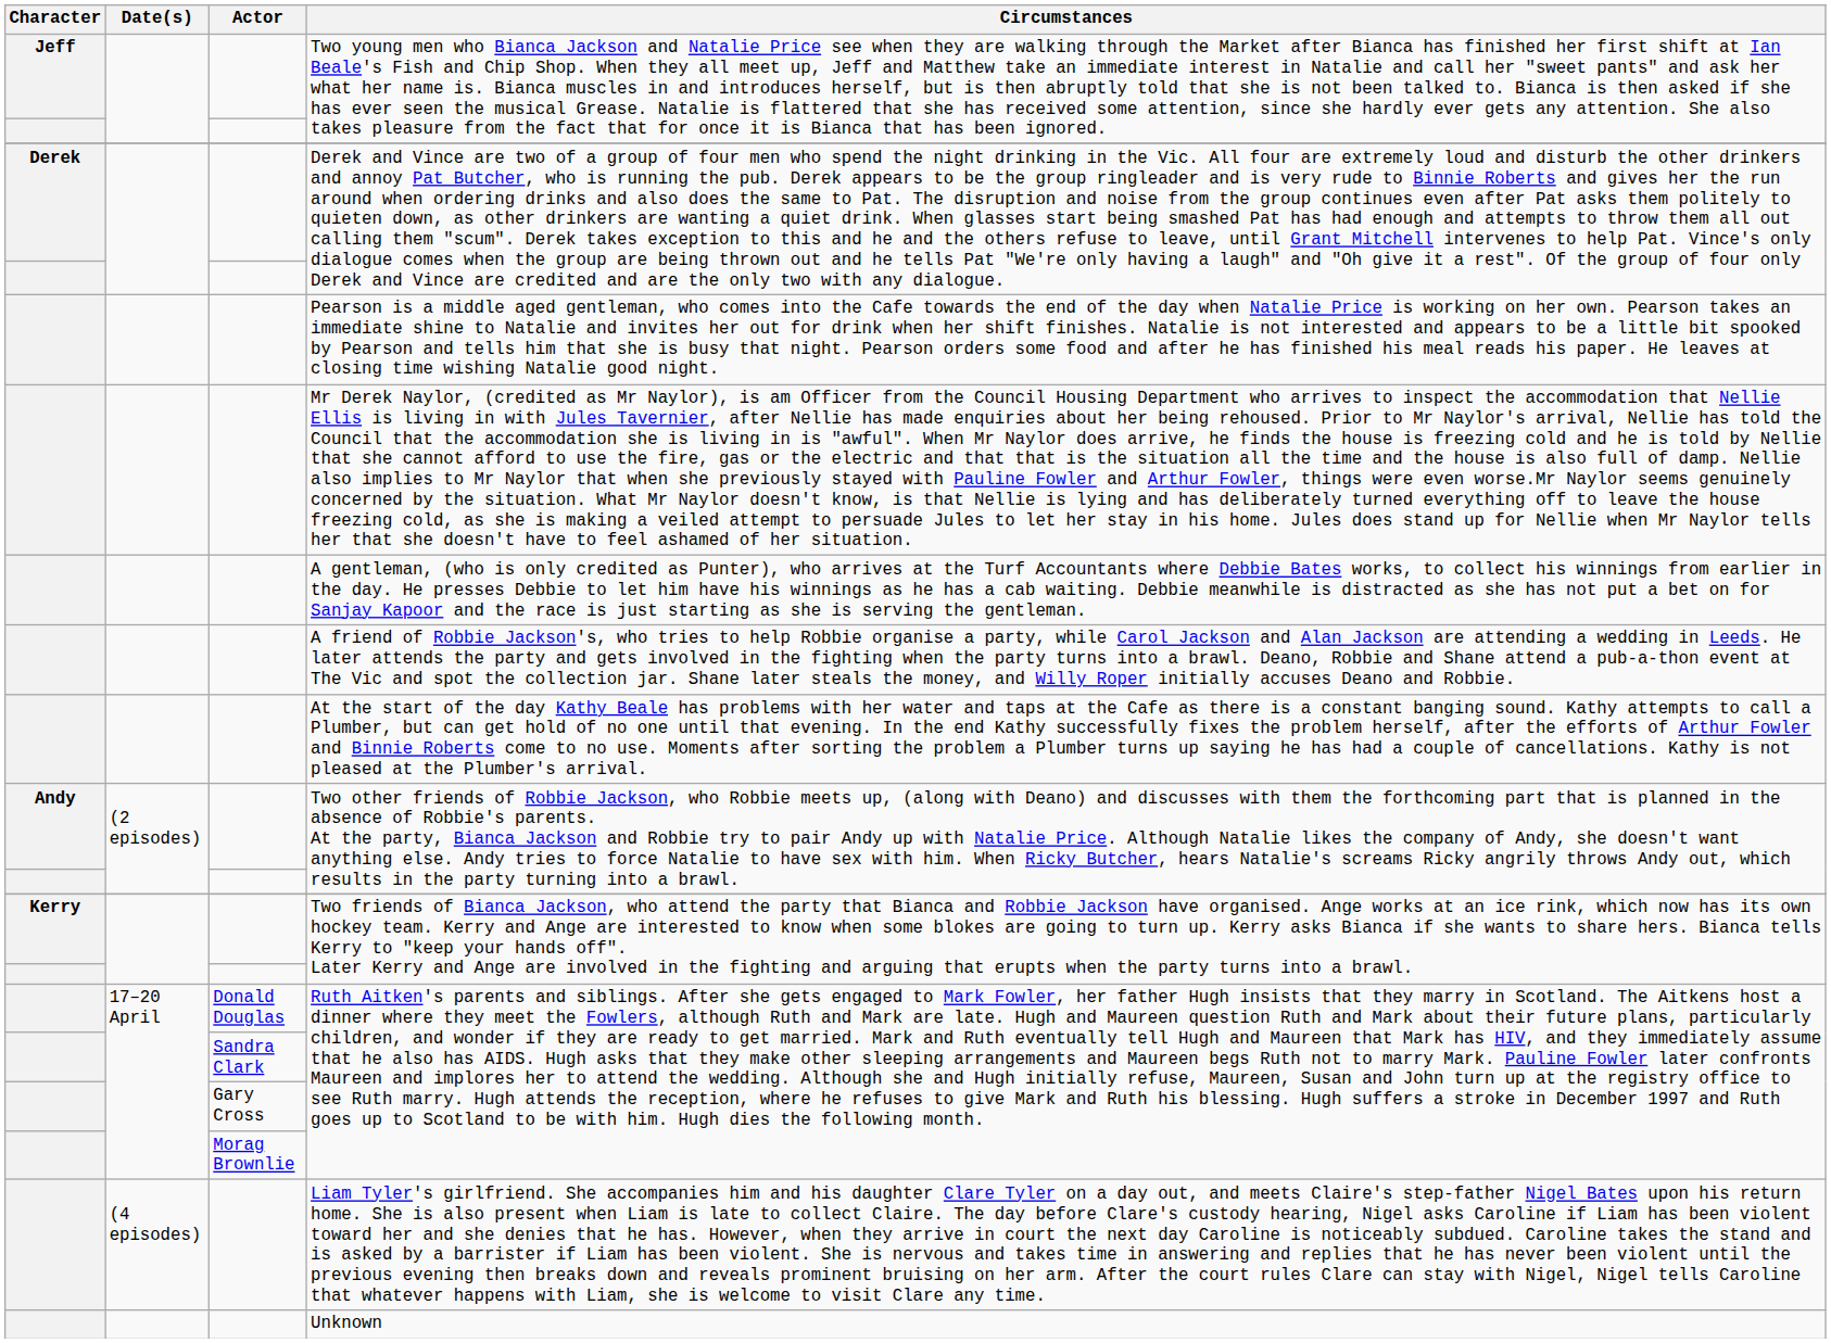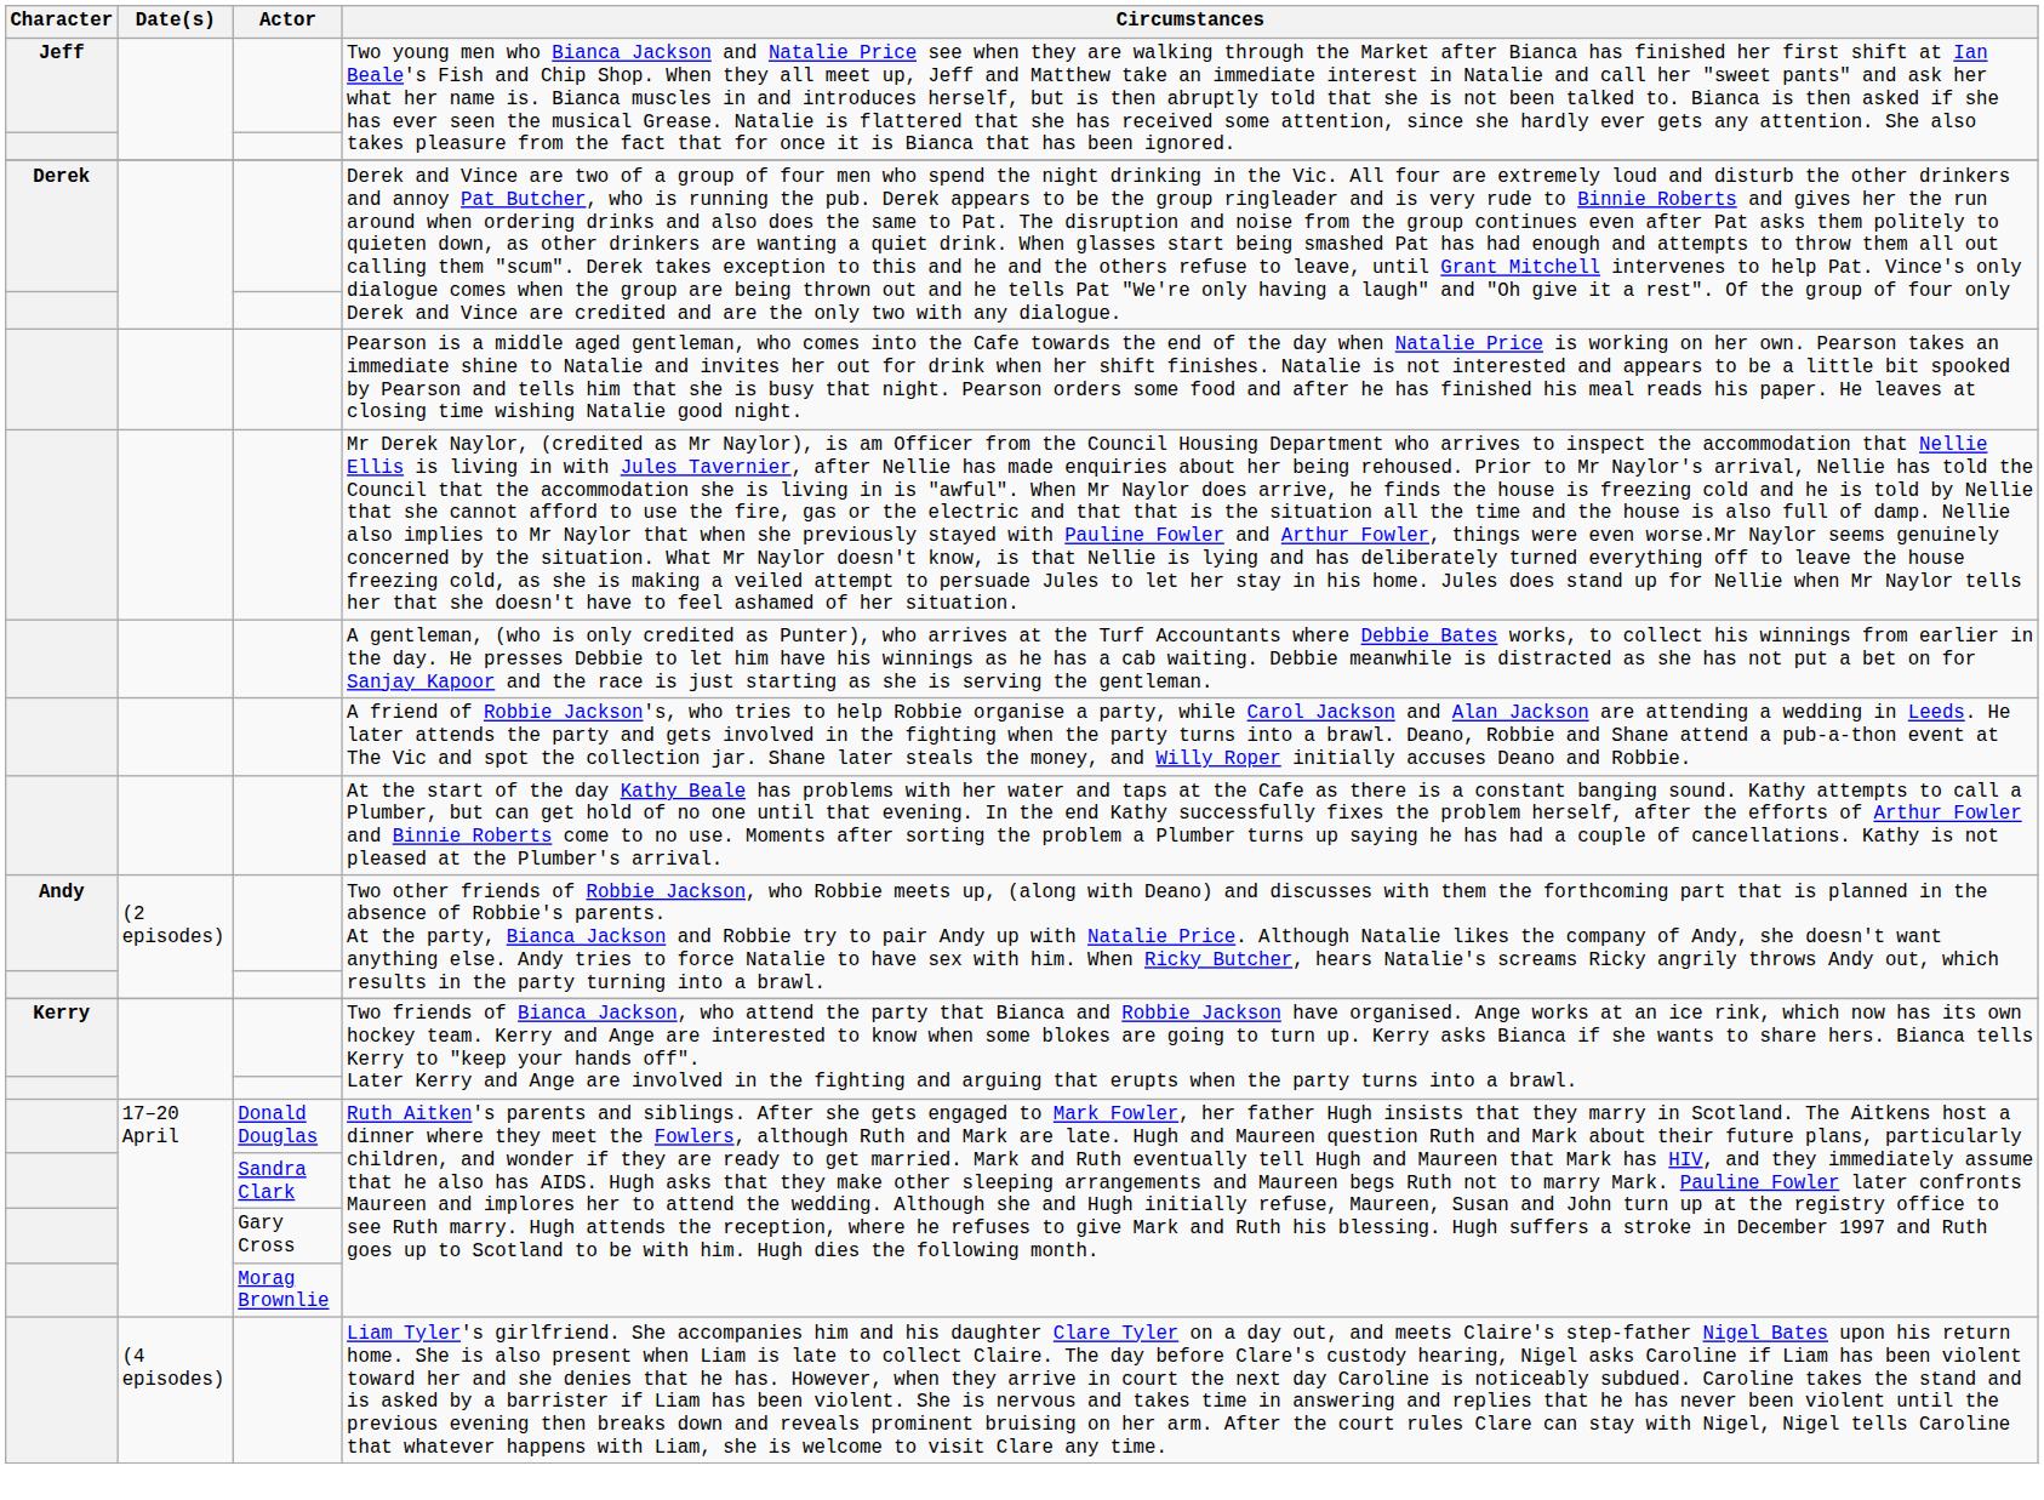 <table class="wikitable plainrowheaders" style="font-size:90%">
 <tr>
 <th scope="col">Character</th>
 <th scope="col">Date(s)</th>
 <th scope="col">Actor</th>
 <th scope="col">Circumstances</th>
 </tr>
 <tr valign="top">
 <th scope="row">Jeff</th>
 <td rowspan="2"></td>
 <td></td>
 <td rowspan="2">Two young men who <a href='#'>Bianca Jackson</a> and <a href='#'>Natalie Price</a> see when they are walking through the Market after Bianca has finished her first shift at <a href='#'>Ian Beale</a>'s Fish and Chip Shop. When they all meet up, Jeff and Matthew take an immediate interest in Natalie and call her "sweet pants" and ask her what her name is. Bianca muscles in and introduces herself, but is then abruptly told that she is not been talked to. Bianca is then asked if she has ever seen the musical Grease. Natalie is flattered that she has received some attention, since she hardly ever gets any attention. She also takes pleasure from the fact that for once it is Bianca that has been ignored.</td>
 </tr>
 <tr valign="top">
 <th scope="row"></th>
 <td></td>
 </tr>
 <tr valign="top">
 </tr>
 <tr valign="top">
 <th scope="row">Derek</th>
 <td rowspan="2"></td>
 <td></td>
 <td rowspan="2">Derek and Vince are two of a group of four men who spend the night drinking in the Vic. All four are extremely loud and disturb the other drinkers and annoy <a href='#'>Pat Butcher</a>, who is running the pub. Derek appears to be the group ringleader and is very rude to <a href='#'>Binnie Roberts</a> and gives her the run around when ordering drinks and also does the same to Pat. The disruption and noise from the group continues even after Pat asks them politely to quieten down, as other drinkers are wanting a quiet drink. When glasses start being smashed Pat has had enough and attempts to throw them all out calling them "scum". Derek takes exception to this and he and the others refuse to leave, until <a href='#'>Grant Mitchell</a> intervenes to help Pat. Vince's only dialogue comes when the group are being thrown out and he tells Pat "We're only having a laugh" and "Oh give it a rest". Of the group of four only Derek and Vince are credited and are the only two with any dialogue.</td>
 </tr>
 <tr valign="top">
 <th scope="row"></th>
 <td></td>
 </tr>
 <tr valign="top">
 <th scope="row"></th>
 <td></td>
 <td></td>
 <td>Pearson is a middle aged gentleman, who comes into the Cafe towards the end of the day when <a href='#'>Natalie Price</a> is working on her own. Pearson takes an immediate shine to Natalie and invites her out for drink when her shift finishes. Natalie is not interested and appears to be a little bit spooked by Pearson and tells him that she is busy that night. Pearson orders some food and after he has finished his meal reads his paper. He leaves at closing time wishing Natalie good night.</td>
 </tr>
 <tr valign="top">
 <th scope="row"></th>
 <td></td>
 <td></td>
 <td>Mr Derek Naylor, (credited as Mr Naylor), is am Officer from the Council Housing Department who arrives to inspect the accommodation that <a href='#'>Nellie Ellis</a> is living in with <a href='#'>Jules Tavernier</a>, after Nellie has made enquiries about her being rehoused. Prior to Mr Naylor's arrival, Nellie has told the Council that the accommodation she is living in is "awful". When Mr Naylor does arrive, he finds the house is freezing cold and he is told by Nellie that she cannot afford to use the fire, gas or the electric and that that is the situation all the time and the house is also full of damp. Nellie also implies to Mr Naylor that when she previously stayed with <a href='#'>Pauline Fowler</a> and <a href='#'>Arthur Fowler</a>, things were even worse.Mr Naylor seems genuinely concerned by the situation. What Mr Naylor doesn't know, is that Nellie is lying and has deliberately turned everything off to leave the house freezing cold, as she is making a veiled attempt to persuade Jules to let her stay in his home. Jules does stand up for Nellie when Mr Naylor tells her that she doesn't have to feel ashamed of her situation.</td>
 </tr>
 <tr valign="top">
 <th scope="row"></th>
 <td></td>
 <td></td>
 <td>A gentleman, (who is only credited as Punter), who arrives at the Turf Accountants where <a href='#'>Debbie Bates</a> works, to collect his winnings from earlier in the day. He presses Debbie to let him have his winnings as he has a cab waiting. Debbie meanwhile is distracted as she has not put a bet on for <a href='#'>Sanjay Kapoor</a> and the race is just starting as she is serving the gentleman.</td>
 </tr>
 <tr valign="top">
 <th scope="row"></th>
 <td></td>
 <td></td>
 <td>A friend of <a href='#'>Robbie Jackson</a>'s, who tries to help Robbie organise a party, while <a href='#'>Carol Jackson</a> and <a href='#'>Alan Jackson</a> are attending a wedding in <a href='#'>Leeds</a>. He later attends the party and gets involved in the fighting when the party turns into a brawl. Deano, Robbie and Shane attend a pub-a-thon event at The Vic and spot the collection jar. Shane later steals the money, and <a href='#'>Willy Roper</a> initially accuses Deano and Robbie.</td>
 </tr>
 <tr valign="top">
 <th scope="row"></th>
 <td></td>
 <td></td>
 <td>At the start of the day <a href='#'>Kathy Beale</a> has problems with her water and taps at the Cafe as there is a constant banging sound. Kathy attempts to call a Plumber, but can get hold of no one until that evening. In the end Kathy successfully fixes the problem herself, after the efforts of <a href='#'>Arthur Fowler</a> and <a href='#'>Binnie Roberts</a> come to no use. Moments after sorting the problem a Plumber turns up saying he has had a couple of cancellations. Kathy is not pleased at the Plumber's arrival.</td>
 </tr>
 <tr valign="top">
 <th scope="row">Andy</th>
 <td rowspan="2"><br>(2 episodes)</td>
 <td></td>
 <td rowspan="2">Two other friends of <a href='#'>Robbie Jackson</a>, who Robbie meets up, (along with Deano) and discusses with them the forthcoming part that is planned in the absence of Robbie's parents.<br>At the party, <a href='#'>Bianca Jackson</a> and Robbie try to pair Andy up with <a href='#'>Natalie Price</a>. Although Natalie likes the company of Andy, she doesn't want anything else. Andy tries to force Natalie to have sex with him. When <a href='#'>Ricky Butcher</a>, hears Natalie's screams Ricky angrily throws Andy out, which results in the party turning into a brawl.</td>
 </tr>
 <tr valign="top">
 <th scope="row"></th>
 <td></td>
 </tr>
 <tr valign="top">
 </tr>
 <tr valign="top">
 <th scope="row">Kerry</th>
 <td rowspan="2"></td>
 <td></td>
 <td rowspan="2">Two friends of <a href='#'>Bianca Jackson</a>, who attend the party that Bianca and <a href='#'>Robbie Jackson</a> have organised. Ange works at an ice rink, which now has its own hockey team. Kerry and Ange are interested to know when some blokes are going to turn up. Kerry asks Bianca if she wants to share hers. Bianca tells Kerry to "keep your hands off".<br>Later Kerry and Ange are involved in the fighting and arguing that erupts when the party turns into a brawl.</td>
 </tr>
 <tr valign="top">
 <th scope="row"></th>
 <td></td>
 </tr>
 <tr valign="top">
 <th scope="row"></th>
 <td rowspan="4">17–20 April</td>
 <td><a href='#'>Donald Douglas</a></td>
 <td rowspan="4"><a href='#'>Ruth Aitken</a>'s parents and siblings. After she gets engaged to <a href='#'>Mark Fowler</a>, her father Hugh insists that they marry in Scotland. The Aitkens host a dinner where they meet the <a href='#'>Fowlers</a>, although Ruth and Mark are late. Hugh and Maureen question Ruth and Mark about their future plans, particularly children, and wonder if they are ready to get married. Mark and Ruth eventually tell Hugh and Maureen that Mark has <a href='#'>HIV</a>, and they immediately assume that he also has AIDS. Hugh asks that they make other sleeping arrangements and Maureen begs Ruth not to marry Mark. <a href='#'>Pauline Fowler</a> later confronts Maureen and implores her to attend the wedding. Although she and Hugh initially refuse, Maureen, Susan and John turn up at the registry office to see Ruth marry. Hugh attends the reception, where he refuses to give Mark and Ruth his blessing. Hugh suffers a stroke in December 1997 and Ruth goes up to Scotland to be with him. Hugh dies the following month.</td>
 </tr>
 <tr valign="top">
 <th scope="row"></th>
 <td><a href='#'>Sandra Clark</a></td>
 </tr>
 <tr valign="top">
 <th scope="row"></th>
 <td>Gary Cross</td>
 </tr>
 <tr valign="top">
 <th scope="row"></th>
 <td><a href='#'>Morag Brownlie</a></td>
 </tr>
 <tr valign="top">
 <th scope="row"></th>
 <td><br>(4 episodes)</td>
 <td></td>
 <td><a href='#'>Liam Tyler</a>'s girlfriend. She accompanies him and his daughter <a href='#'>Clare Tyler</a> on a day out, and meets Claire's step-father <a href='#'>Nigel Bates</a> upon his return home. She is also present when Liam is late to collect Claire. The day before Clare's custody hearing, Nigel asks Caroline if Liam has been violent toward her and she denies that he has. However, when they arrive in court the next day Caroline is noticeably subdued. Caroline takes the stand and is asked by a barrister if Liam has been violent. She is nervous and takes time in answering and replies that he has never been violent until the previous evening then breaks down and reveals prominent bruising on her arm. After the court rules Clare can stay with Nigel, Nigel tells Caroline that whatever happens with Liam, she is welcome to visit Clare any time.</td>
 </tr>
-<tr valign="top">
-<th scope="row"></th>
-<td></td>
-<td></td>
-<td>Unknown</td>
-</tr>
 </table>
